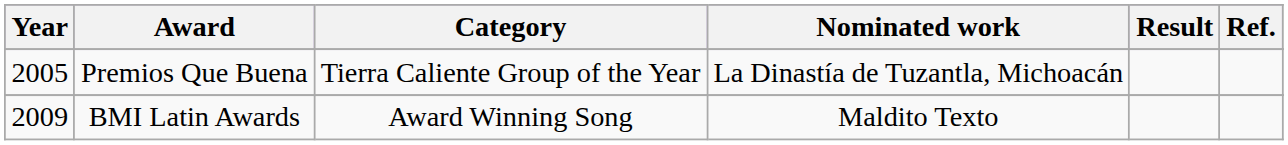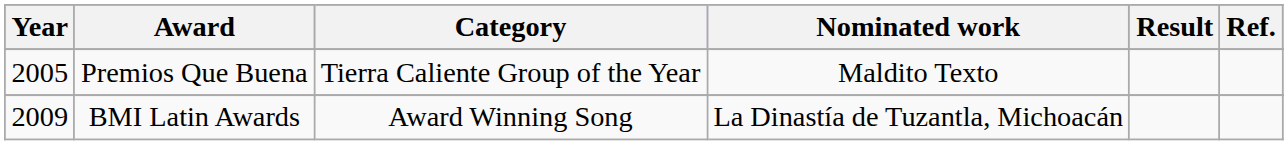 <table class="wikitable plainrowheaders" style="text-align:center;">
 <tr style="background:#96c;">
 <th scope="col">Year</th>
 <th scope="col">Award</th>
 <th scope="col">Category</th>
 <th scope="col">Nominated work</th>
 <th scope="col">Result</th>
 <th scope="col">Ref.</th>
 </tr>
 <tr>
 </tr>
 <tr>
 <td rowspan="2">2005</td>
 <td rowspan="2">Premios Que Buena</td>
 </tr>
 <tr>
 <td>Tierra Caliente Group of the Year</td>
-<td>La Dinastía de Tuzantla, Michoacán</td>
+<td>Maldito Texto</td>
 <td></td>
 <td></td>
 </tr>
 <tr>
 </tr>
 <tr>
 <td rowspan="2">2009</td>
 <td rowspan="2">BMI Latin Awards</td>
 </tr>
 <tr>
 <td>Award Winning Song</td>
-<td>Maldito Texto</td>
+<td>La Dinastía de Tuzantla, Michoacán</td>
 <td></td>
 <td></td>
 </tr>
 </table>
